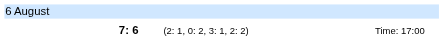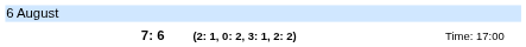 <table style="text-align:center">
 <tr style="text-align:left; background:#d0e7ff;">
 <td colspan=6>6 August</td>
 </tr>
 <tr style="font-size:90%; vertical-align:top;">
 <th width=140></th>
 <th width=60></th>
 <th width=150></th>
 <th width=140></th>
 <th width=100></th>
 </tr>
 <tr>
 <td align=right></td>
 <td><strong>7: 6</strong></td>
-<td><small>(2: 1, 0: 2, 3: 1, 2: 2)</small></td>
+<td><strong><small>(2: 1, 0: 2, 3: 1, 2: 2)</small></strong></td>
 <td align=left></td>
 <td><small>Time: 17:00</small></td>
 <td></td>
 </tr>
 </table>
